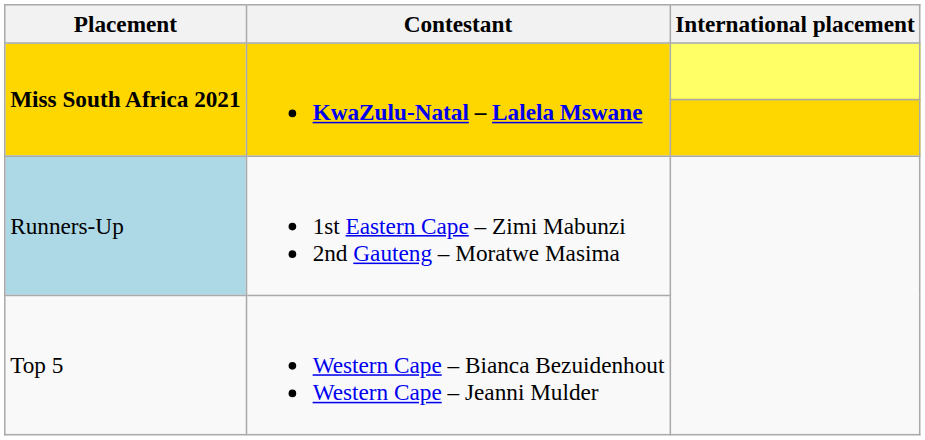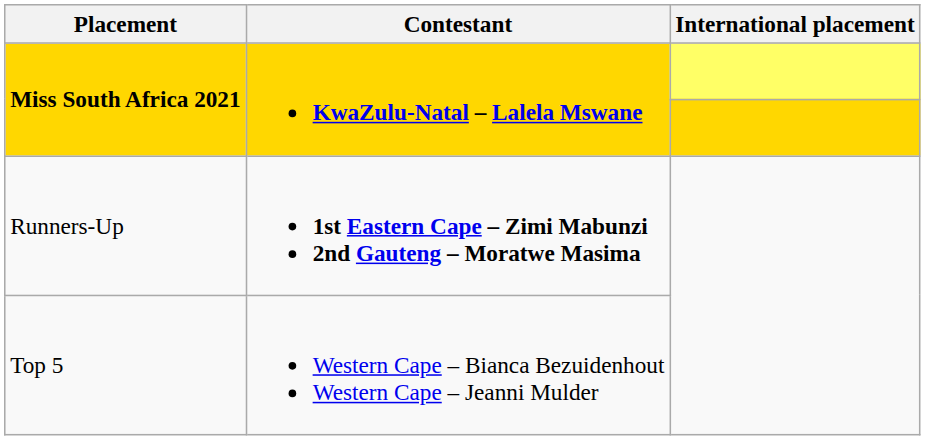 <table class="wikitable sortable" style="font-size: 95%;">
 <tr>
 <th>Placement</th>
 <th>Contestant</th>
 <th>International placement</th>
 </tr>
 <tr style="background:gold; font-weight: bold">
 <td rowspan=2>Miss South Africa 2021</td>
 <td rowspan=2><br><ul><li><strong> <a href='#'>KwaZulu-Natal</a></strong> – <strong><a href='#'>Lalela Mswane</a></strong></li></ul></td>
 <td style="background:#FFFF66; font-weight: bold"><br></td>
 </tr>
 <tr style="background:gold; font-weight: bold">
 <td><br></td>
 </tr>
 <tr>
-<td style="background: lightblue;">Runners-Up</td>
-<td><br><ul><li>1st <a href='#'>Eastern Cape</a> – Zimi Mabunzi</li><li>2nd <a href='#'>Gauteng</a> – Moratwe Masima</li></ul></td>
+<td>Runners-Up</td>
+<td><strong><br><ul><li>1st <a href='#'>Eastern Cape</a> – Zimi Mabunzi</li><li>2nd <a href='#'>Gauteng</a> – Moratwe Masima</li></ul></strong></td>
 </tr>
 <tr>
 <td>Top 5</td>
 <td><br><ul><li> <a href='#'>Western Cape</a> – Bianca Bezuidenhout</li><li> <a href='#'>Western Cape</a> – Jeanni Mulder</li></ul></td>
 </tr>
 </table>
